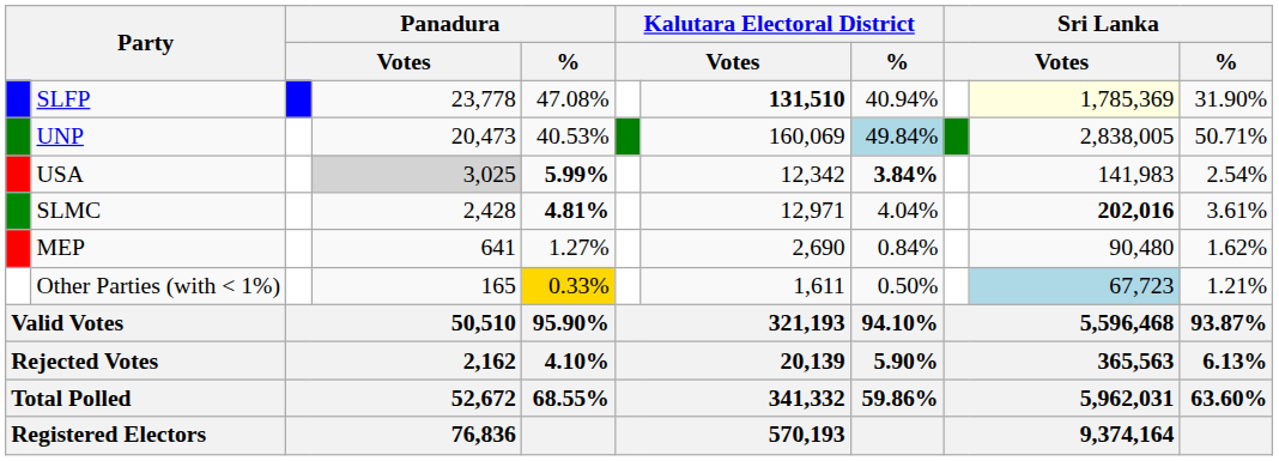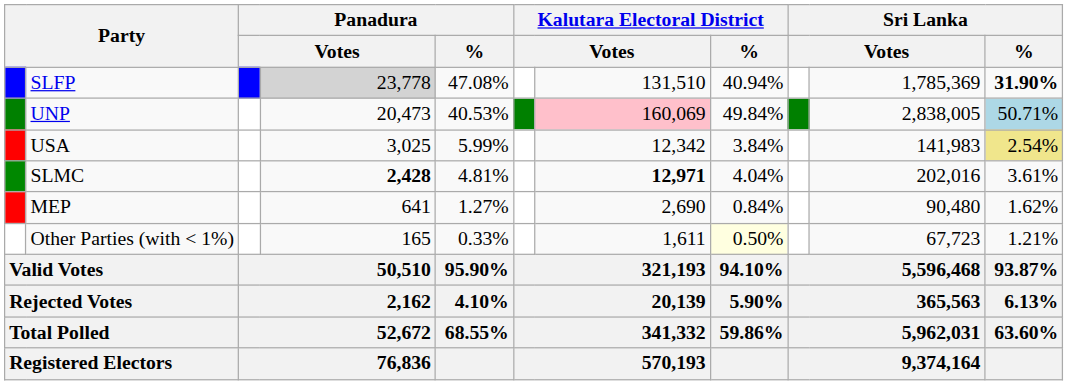 <table class="wikitable">
 <tr>
 <th colspan="2" width="144px"rowspan="2">Party</th>
 <th colspan="3" width="216px">Panadura</th>
 <th colspan="3" width="216px"><a href='#'>Kalutara Electoral District</a></th>
 <th colspan="3" width="216px">Sri Lanka</th>
 </tr>
 <tr>
 <th colspan="2" width="144px">Votes</th>
 <th>%</th>
 <th colspan="2" width="144px">Votes</th>
 <th>%</th>
 <th colspan="2" width="144px">Votes</th>
 <th>%</th>
 </tr>
 <tr>
 <td style="background-color:blue;" width="10px"></td>
 <td style="text-align:left;"><a href='#'>SLFP</a></td>
 <td style="background-color:blue;" width="10px"></td>
-<td style="text-align:right;">23,778</td>
+<td style="background: lightgrey; text-align:right;">23,778</td>
 <td style="text-align:right;">47.08%</td>
 <td style="background-color:white;" width="10px"></td>
-<td style="text-align:right;"><strong>131,510</strong></td>
+<td style="text-align:right;">131,510</td>
 <td style="text-align:right;">40.94%</td>
 <td style="background-color:white;" width="10px"></td>
-<td style="background: lightyellow; text-align:right;">1,785,369</td>
-<td style="text-align:right;">31.90%</td>
+<td style="text-align:right;">1,785,369</td>
+<td style="text-align:right;"><strong>31.90%</strong></td>
 </tr>
 <tr>
 <td style="background-color:green;" width="10px"></td>
 <td style="text-align:left;"><a href='#'>UNP</a></td>
 <td style="background-color:white;" width="10px"></td>
 <td style="text-align:right;">20,473</td>
 <td style="text-align:right;">40.53%</td>
 <td style="background-color:green;" width="10px"></td>
-<td style="text-align:right;">160,069</td>
-<td style="background: lightblue; text-align:right;">49.84%</td>
+<td style="background: pink; text-align:right;">160,069</td>
+<td style="text-align:right;">49.84%</td>
 <td style="background-color:green;" width="10px"></td>
 <td style="text-align:right;">2,838,005</td>
-<td style="text-align:right;">50.71%</td>
+<td style="background: lightblue; text-align:right;">50.71%</td>
 </tr>
 <tr>
 <td style="background-color:red;" width="10px"></td>
 <td style="text-align:left;">USA</td>
 <td style="background-color:white;" width="10px"></td>
-<td style="background: lightgrey; text-align:right;">3,025</td>
-<td style="text-align:right;"><strong>5.99%</strong></td>
+<td style="text-align:right;">3,025</td>
+<td style="text-align:right;">5.99%</td>
 <td style="background-color:white;" width="10px"></td>
 <td style="text-align:right;">12,342</td>
-<td style="text-align:right;"><strong>3.84%</strong></td>
+<td style="text-align:right;">3.84%</td>
 <td style="background-color:white;" width="10px"></td>
 <td style="text-align:right;">141,983</td>
-<td style="text-align:right;">2.54%</td>
+<td style="background: khaki; text-align:right;">2.54%</td>
 </tr>
 <tr>
 <td style="background-color:#008800;" width="10px"></td>
 <td style="text-align:left;">SLMC</td>
 <td style="background-color:white;" width="10px"></td>
-<td style="text-align:right;">2,428</td>
-<td style="text-align:right;"><strong>4.81%</strong></td>
+<td style="text-align:right;"><strong>2,428</strong></td>
+<td style="text-align:right;">4.81%</td>
 <td style="background-color:white;" width="10px"></td>
-<td style="text-align:right;">12,971</td>
+<td style="text-align:right;"><strong>12,971</strong></td>
 <td style="text-align:right;">4.04%</td>
 <td style="background-color:white;" width="10px"></td>
-<td style="text-align:right;"><strong>202,016</strong></td>
+<td style="text-align:right;">202,016</td>
 <td style="text-align:right;">3.61%</td>
 </tr>
 <tr>
 <td style="background-color:red;" width="10px"></td>
 <td style="text-align:left;">MEP</td>
 <td style="background-color:white;" width="10px"></td>
 <td style="text-align:right;">641</td>
 <td style="text-align:right;">1.27%</td>
 <td style="background-color:white;" width="10px"></td>
 <td style="text-align:right;">2,690</td>
 <td style="text-align:right;">0.84%</td>
 <td style="background-color:white;" width="10px"></td>
 <td style="text-align:right;">90,480</td>
 <td style="text-align:right;">1.62%</td>
 </tr>
 <tr>
 <td style="background-color:white;" width="10px"></td>
 <td style="text-align:left;">Other Parties (with < 1%)</td>
 <td style="background-color:white;" width="10px"></td>
 <td style="text-align:right;">165</td>
-<td style="background: gold; text-align:right;">0.33%</td>
+<td style="text-align:right;">0.33%</td>
 <td style="background-color:white;" width="10px"></td>
 <td style="text-align:right;">1,611</td>
-<td style="text-align:right;">0.50%</td>
+<td style="background: lightyellow; text-align:right;">0.50%</td>
 <td style="background-color:white;" width="10px"></td>
-<td style="background: lightblue; text-align:right;">67,723</td>
+<td style="text-align:right;">67,723</td>
 <td style="text-align:right;">1.21%</td>
 </tr>
 <tr>
 <th colspan="2" width="144px"style="text-align:left;">Valid Votes</th>
 <th style="text-align:right;"colspan="2" width="144px">50,510</th>
 <th style="text-align:right;">95.90%</th>
 <th style="text-align:right;"colspan="2" width="144px">321,193</th>
 <th style="text-align:right;">94.10%</th>
 <th style="text-align:right;"colspan="2" width="144px">5,596,468</th>
 <th style="text-align:right;">93.87%</th>
 </tr>
 <tr>
 <th colspan="2" width="144px"style="text-align:left;">Rejected Votes</th>
 <th style="text-align:right;"colspan="2" width="144px">2,162</th>
 <th style="text-align:right;">4.10%</th>
 <th style="text-align:right;"colspan="2" width="144px">20,139</th>
 <th style="text-align:right;">5.90%</th>
 <th style="text-align:right;"colspan="2" width="144px">365,563</th>
 <th style="text-align:right;">6.13%</th>
 </tr>
 <tr>
 <th colspan="2" width="144px"style="text-align:left;">Total Polled</th>
 <th style="text-align:right;"colspan="2" width="144px">52,672</th>
 <th style="text-align:right;">68.55%</th>
 <th style="text-align:right;"colspan="2" width="144px">341,332</th>
 <th style="text-align:right;">59.86%</th>
 <th style="text-align:right;"colspan="2" width="144px">5,962,031</th>
 <th style="text-align:right;">63.60%</th>
 </tr>
 <tr>
 <th colspan="2" width="144px"style="text-align:left;">Registered Electors</th>
 <th style="text-align:right;"colspan="2" width="144px">76,836</th>
 <th></th>
 <th style="text-align:right;"colspan="2" width="144px">570,193</th>
 <th></th>
 <th style="text-align:right;"colspan="2" width="144px">9,374,164</th>
 <th></th>
 </tr>
 </table>
